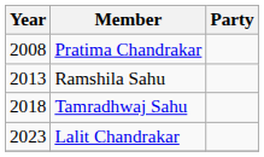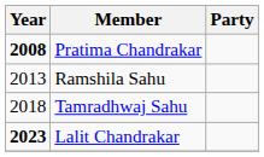 <table class="wikitable sortable">
 <tr>
 <th>Year</th>
 <th>Member</th>
 <th colspan="2">Party</th>
 </tr>
 <tr>
-<td>2008</td>
+<td><strong>2008</strong></td>
 <td><a href='#'>Pratima Chandrakar</a></td>
 <td></td>
 </tr>
 <tr>
 <td>2013</td>
 <td>Ramshila Sahu</td>
 <td></td>
 </tr>
 <tr>
 <td>2018</td>
 <td><a href='#'>Tamradhwaj Sahu</a></td>
 <td></td>
 </tr>
 <tr>
-<td>2023</td>
+<td><strong>2023</strong></td>
 <td><a href='#'>Lalit Chandrakar</a></td>
 <td></td>
 </tr>
 <tr>
 </tr>
 </table>
